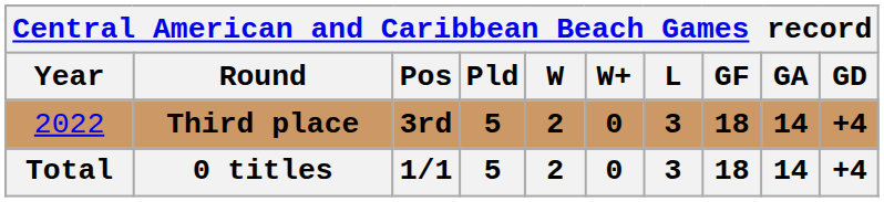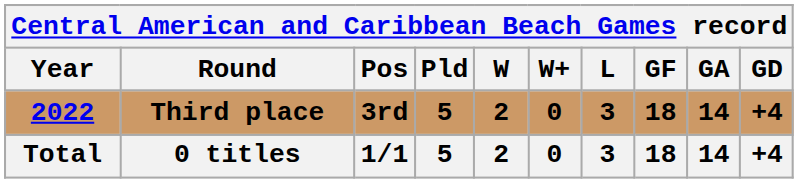 <table class="wikitable" style="text-align: center;">
 <tr>
 <th colspan=10><a href='#'>Central American and Caribbean Beach Games</a> record</th>
 </tr>
 <tr>
 <th>Year</th>
 <th>Round</th>
 <th width=20>Pos</th>
 <th width=20>Pld</th>
 <th width=20>W</th>
 <th width=20>W+</th>
 <th width=20>L</th>
 <th width=20>GF</th>
 <th width=20>GA</th>
 <th width=20>GD</th>
 </tr>
 <tr bgcolor="#cc9966">
-<td> <a href='#'>2022</a></td>
+<td><strong> <a href='#'>2022</a></strong></td>
 <td><strong>Third place</strong></td>
 <td><strong>3rd</strong></td>
 <td><strong>5</strong></td>
 <td><strong>2</strong></td>
 <td><strong>0</strong></td>
 <td><strong>3</strong></td>
 <td><strong>18</strong></td>
 <td><strong>14</strong></td>
 <td><strong>+4</strong></td>
 </tr>
 <tr>
 <th>Total</th>
 <th>0 titles</th>
 <th>1/1</th>
 <th>5</th>
 <th>2</th>
 <th>0</th>
 <th>3</th>
 <th>18</th>
 <th>14</th>
 <th>+4</th>
 </tr>
 </table>
